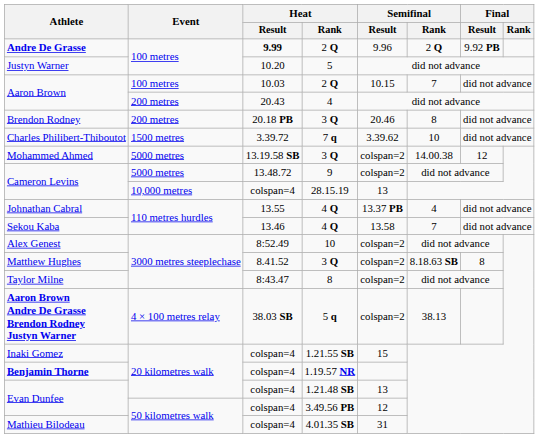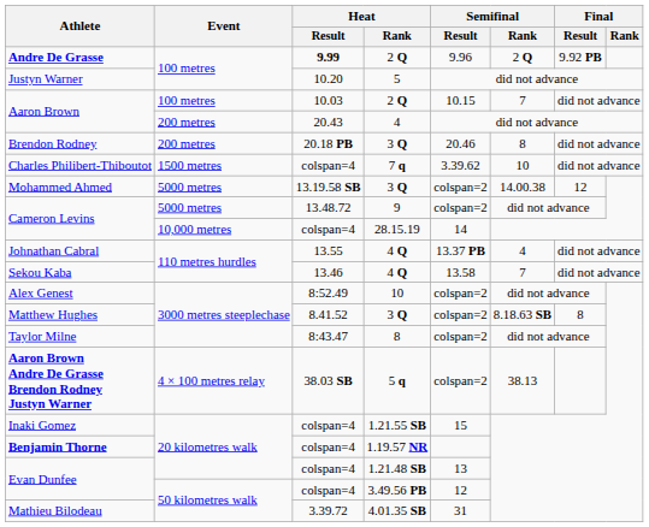 <table class="wikitable" style="font-size:90%">
 <tr>
 <th rowspan="2">Athlete</th>
 <th rowspan="2">Event</th>
 <th colspan="2">Heat</th>
 <th colspan="2">Semifinal</th>
 <th colspan="2">Final</th>
 </tr>
 <tr style="font-size:95%">
 <th>Result</th>
 <th>Rank</th>
 <th>Result</th>
 <th>Rank</th>
 <th>Result</th>
 <th>Rank</th>
 </tr>
 <tr style=text-align:center>
 <td style=text-align:left><strong><a href='#'>Andre De Grasse</a></strong></td>
 <td style=text-align:left rowspan=2><a href='#'>100 metres</a></td>
 <td><strong>9.99</strong></td>
 <td>2 <strong>Q</strong></td>
 <td>9.96</td>
 <td>2 <strong>Q</strong></td>
 <td>9.92 <strong>PB</strong></td>
 <td></td>
 </tr>
 <tr style=text-align:center>
 <td style=text-align:left><a href='#'>Justyn Warner</a></td>
 <td>10.20</td>
 <td>5</td>
 <td colspan=4>did not advance</td>
 </tr>
 <tr style=text-align:center>
 <td style=text-align:left rowspan=2><a href='#'>Aaron Brown</a></td>
 <td style=text-align:left><a href='#'>100 metres</a></td>
 <td>10.03</td>
 <td>2 <strong>Q</strong></td>
 <td>10.15</td>
 <td>7</td>
 <td colspan=2>did not advance</td>
 </tr>
 <tr style=text-align:center>
 <td style=text-align:left><a href='#'>200 metres</a></td>
 <td>20.43</td>
 <td>4</td>
 <td colspan=4>did not advance</td>
 </tr>
 <tr style=text-align:center>
 <td style=text-align:left><a href='#'>Brendon Rodney</a></td>
 <td style=text-align:left><a href='#'>200 metres</a></td>
 <td>20.18 <strong>PB</strong></td>
 <td>3 <strong>Q</strong></td>
 <td>20.46</td>
 <td>8</td>
 <td colspan=2>did not advance</td>
 </tr>
 <tr style=text-align:center>
 <td style=text-align:left><a href='#'>Charles Philibert-Thiboutot</a></td>
 <td style=text-align:left><a href='#'>1500 metres</a></td>
-<td>3.39.72</td>
+<td>colspan=4 </td>
 <td>7 <strong>q</strong></td>
 <td>3.39.62</td>
 <td>10</td>
 <td colspan=2>did not advance</td>
 </tr>
 <tr style=text-align:center>
 <td style=text-align:left><a href='#'>Mohammed Ahmed</a></td>
 <td style=text-align:left><a href='#'>5000 metres</a></td>
 <td>13.19.58 <strong>SB</strong></td>
 <td>3 <strong>Q</strong></td>
 <td>colspan=2 </td>
 <td>14.00.38</td>
 <td>12</td>
 </tr>
 <tr style=text-align:center>
 <td style=text-align:left rowspan=2><a href='#'>Cameron Levins</a></td>
 <td style=text-align:left><a href='#'>5000 metres</a></td>
 <td>13.48.72</td>
 <td>9</td>
 <td>colspan=2 </td>
 <td colspan=2>did not advance</td>
 </tr>
 <tr style=text-align:center>
 <td style=text-align:left><a href='#'>10,000 metres</a></td>
 <td>colspan=4 </td>
 <td>28.15.19</td>
-<td>13</td>
+<td>14</td>
 </tr>
 <tr style=text-align:center>
 <td style=text-align:left><a href='#'>Johnathan Cabral</a></td>
 <td style=text-align:left rowspan=2><a href='#'>110 metres hurdles</a></td>
 <td>13.55</td>
 <td>4 <strong>Q</strong></td>
 <td>13.37 <strong>PB</strong></td>
 <td>4</td>
 <td colspan=2>did not advance</td>
 </tr>
 <tr style=text-align:center>
 <td style=text-align:left><a href='#'>Sekou Kaba</a></td>
 <td>13.46</td>
 <td>4  <strong>Q</strong></td>
 <td>13.58</td>
 <td>7</td>
 <td colspan=4>did not advance</td>
 </tr>
 <tr style=text-align:center>
 <td style=text-align:left><a href='#'>Alex Genest</a></td>
 <td style=text-align:left rowspan=3><a href='#'>3000 metres steeplechase</a></td>
 <td>8:52.49</td>
 <td>10</td>
 <td>colspan=2 </td>
 <td colspan=2>did not advance</td>
 </tr>
 <tr style=text-align:center>
 <td style=text-align:left><a href='#'>Matthew Hughes</a></td>
 <td>8.41.52</td>
 <td>3 <strong>Q</strong></td>
 <td>colspan=2 </td>
 <td>8.18.63  <strong>SB</strong></td>
 <td>8</td>
 </tr>
 <tr style=text-align:center>
 <td style=text-align:left><a href='#'>Taylor Milne</a></td>
 <td>8:43.47</td>
 <td>8</td>
 <td>colspan=2 </td>
 <td colspan=2>did not advance</td>
 </tr>
 <tr style=text-align:center>
 <td style=text-align:left><strong><a href='#'>Aaron Brown</a><br><a href='#'>Andre De Grasse</a><br><a href='#'>Brendon Rodney</a><br><a href='#'>Justyn Warner</a></strong></td>
 <td style=text-align:left><a href='#'>4 × 100 metres relay</a></td>
 <td>38.03 <strong>SB</strong></td>
 <td>5 <strong>q</strong></td>
 <td>colspan=2 </td>
 <td>38.13</td>
 <td></td>
 </tr>
 <tr style=text-align:center>
 <td style=text-align:left><a href='#'>Inaki Gomez</a></td>
 <td style=text-align:left rowspan=3><a href='#'>20 kilometres walk</a></td>
 <td>colspan=4 </td>
 <td>1.21.55 <strong>SB</strong></td>
 <td>15</td>
 </tr>
 <tr style=text-align:center>
 <td style=text-align:left><strong><a href='#'>Benjamin Thorne</a></strong></td>
 <td>colspan=4 </td>
 <td>1.19.57 <strong><a href='#'>NR</a></strong></td>
 <td></td>
 </tr>
 <tr style=text-align:center>
 <td style=text-align:left rowspan=2><a href='#'>Evan Dunfee</a></td>
 <td>colspan=4 </td>
 <td>1.21.48 <strong>SB</strong></td>
 <td>13</td>
 </tr>
 <tr style=text-align:center>
 <td style=text-align:left rowspan=2><a href='#'>50 kilometres walk</a></td>
 <td>colspan=4 </td>
 <td>3.49.56 <strong>PB</strong></td>
 <td>12</td>
 </tr>
 <tr style=text-align:center>
 <td style=text-align:left><a href='#'>Mathieu Bilodeau</a></td>
-<td>colspan=4 </td>
+<td>3.39.72</td>
 <td>4.01.35 <strong>SB</strong></td>
 <td>31</td>
 </tr>
 </table>
